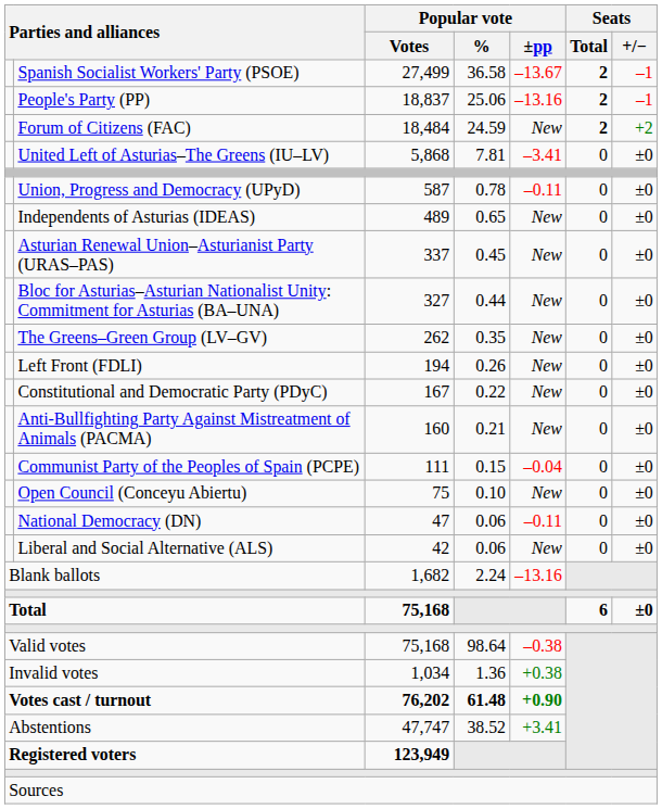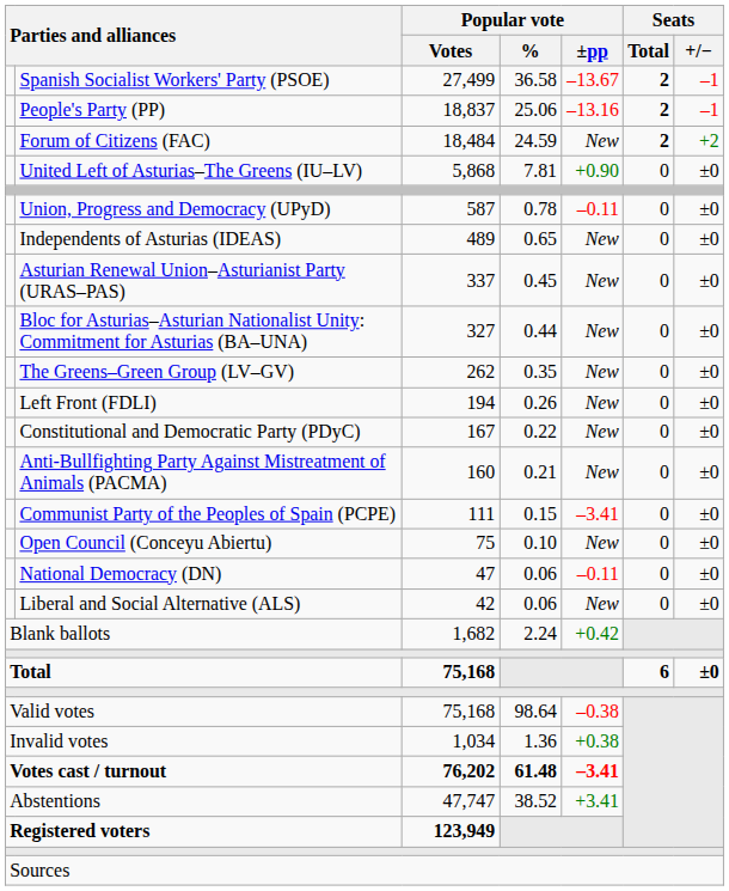 <table class="wikitable" style="text-align:right;">
 <tr>
 <th style="text-align:left;" rowspan="2" colspan="2" width="525">Parties and alliances</th>
 <th colspan="3">Popular vote</th>
 <th colspan="2">Seats</th>
 </tr>
 <tr>
 <th width="75">Votes</th>
 <th width="45">%</th>
 <th width="45">±<a href='#'>pp</a></th>
 <th width="35">Total</th>
 <th width="35">+/−</th>
 </tr>
 <tr>
 <td width="1" style="color:inherit;background:"></td>
 <td align="left"><a href='#'>Spanish Socialist Workers' Party</a> (PSOE)</td>
 <td>27,499</td>
 <td>36.58</td>
 <td style="color:red;">–13.67</td>
 <td><strong>2</strong></td>
 <td style="color:red;">–1</td>
 </tr>
 <tr>
 <td style="color:inherit;background:"></td>
 <td align="left"><a href='#'>People's Party</a> (PP)</td>
 <td>18,837</td>
 <td>25.06</td>
 <td style="color:red;">–13.16</td>
 <td><strong>2</strong></td>
 <td style="color:red;">–1</td>
 </tr>
 <tr>
 <td style="color:inherit;background:"></td>
 <td align="left"><a href='#'>Forum of Citizens</a> (FAC)</td>
 <td>18,484</td>
 <td>24.59</td>
 <td><em>New</em></td>
 <td><strong>2</strong></td>
 <td style="color:green;">+2</td>
 </tr>
 <tr>
 <td style="color:inherit;background:"></td>
 <td align="left"><a href='#'>United Left of Asturias</a>–<a href='#'>The Greens</a> (IU–LV)</td>
 <td>5,868</td>
 <td>7.81</td>
-<td style="color:red;">–3.41</td>
+<td style="color:green;">+0.90</td>
 <td>0</td>
 <td>±0</td>
 </tr>
 <tr>
 <td colspan="7" bgcolor="#C0C0C0"></td>
 </tr>
 <tr>
 <td style="color:inherit;background:"></td>
 <td align="left"><a href='#'>Union, Progress and Democracy</a> (UPyD)</td>
 <td>587</td>
 <td>0.78</td>
 <td style="color:red;">–0.11</td>
 <td>0</td>
 <td>±0</td>
 </tr>
 <tr>
 <td style="color:inherit;background:"></td>
 <td align="left">Independents of Asturias (IDEAS)</td>
 <td>489</td>
 <td>0.65</td>
 <td><em>New</em></td>
 <td>0</td>
 <td>±0</td>
 </tr>
 <tr>
 <td style="color:inherit;background:"></td>
 <td align="left"><a href='#'>Asturian Renewal Union</a>–<a href='#'>Asturianist Party</a> (URAS–PAS)</td>
 <td>337</td>
 <td>0.45</td>
 <td><em>New</em></td>
 <td>0</td>
 <td>±0</td>
 </tr>
 <tr>
 <td style="color:inherit;background:"></td>
 <td align="left"><a href='#'>Bloc for Asturias</a>–<a href='#'>Asturian Nationalist Unity</a>: <a href='#'>Commitment for Asturias</a> (BA–UNA)</td>
 <td>327</td>
 <td>0.44</td>
 <td><em>New</em></td>
 <td>0</td>
 <td>±0</td>
 </tr>
 <tr>
 <td style="color:inherit;background:"></td>
 <td align="left"><a href='#'>The Greens–Green Group</a> (LV–GV)</td>
 <td>262</td>
 <td>0.35</td>
 <td><em>New</em></td>
 <td>0</td>
 <td>±0</td>
 </tr>
 <tr>
 <td style="color:inherit;background:"></td>
 <td align="left">Left Front (FDLI)</td>
 <td>194</td>
 <td>0.26</td>
 <td><em>New</em></td>
 <td>0</td>
 <td>±0</td>
 </tr>
 <tr>
 <td style="color:inherit;background:"></td>
 <td align="left">Constitutional and Democratic Party (PDyC)</td>
 <td>167</td>
 <td>0.22</td>
 <td><em>New</em></td>
 <td>0</td>
 <td>±0</td>
 </tr>
 <tr>
 <td style="color:inherit;background:"></td>
 <td align="left"><a href='#'>Anti-Bullfighting Party Against Mistreatment of Animals</a> (PACMA)</td>
 <td>160</td>
 <td>0.21</td>
 <td><em>New</em></td>
 <td>0</td>
 <td>±0</td>
 </tr>
 <tr>
 <td style="color:inherit;background:"></td>
 <td align="left"><a href='#'>Communist Party of the Peoples of Spain</a> (PCPE)</td>
 <td>111</td>
 <td>0.15</td>
-<td style="color:red;">–0.04</td>
+<td style="color:red;">–3.41</td>
 <td>0</td>
 <td>±0</td>
 </tr>
 <tr>
 <td style="color:inherit;background:"></td>
 <td align="left"><a href='#'>Open Council</a> (Conceyu Abiertu)</td>
 <td>75</td>
 <td>0.10</td>
 <td><em>New</em></td>
 <td>0</td>
 <td>±0</td>
 </tr>
 <tr>
 <td style="color:inherit;background:"></td>
 <td align="left"><a href='#'>National Democracy</a> (DN)</td>
 <td>47</td>
 <td>0.06</td>
 <td style="color:red;">–0.11</td>
 <td>0</td>
 <td>±0</td>
 </tr>
 <tr>
 <td style="color:inherit;background:"></td>
 <td align="left">Liberal and Social Alternative (ALS)</td>
 <td>42</td>
 <td>0.06</td>
 <td><em>New</em></td>
 <td>0</td>
 <td>±0</td>
 </tr>
 <tr>
 <td align="left" colspan="2">Blank ballots</td>
 <td>1,682</td>
 <td>2.24</td>
-<td style="color:red;">–13.16</td>
+<td style="color:green;">+0.42</td>
 <td bgcolor="#E9E9E9" colspan="2"></td>
 </tr>
 <tr>
 <td colspan="7" bgcolor="#E9E9E9"></td>
 </tr>
 <tr style="font-weight:bold;">
 <td align="left" colspan="2">Total</td>
 <td>75,168</td>
 <td bgcolor="#E9E9E9" colspan="2"></td>
 <td>6</td>
 <td>±0</td>
 </tr>
 <tr>
 <td colspan="7" bgcolor="#E9E9E9"></td>
 </tr>
 <tr>
 <td align="left" colspan="2">Valid votes</td>
 <td>75,168</td>
 <td>98.64</td>
 <td style="color:red;">–0.38</td>
 <td bgcolor="#E9E9E9" colspan="2" rowspan="5"></td>
 </tr>
 <tr>
 <td align="left" colspan="2">Invalid votes</td>
 <td>1,034</td>
 <td>1.36</td>
 <td style="color:green;">+0.38</td>
 </tr>
 <tr style="font-weight:bold;">
 <td align="left" colspan="2">Votes cast / turnout</td>
 <td>76,202</td>
 <td>61.48</td>
-<td style="color:green;">+0.90</td>
+<td style="color:red;">–3.41</td>
 </tr>
 <tr>
 <td align="left" colspan="2">Abstentions</td>
 <td>47,747</td>
 <td>38.52</td>
 <td style="color:green;">+3.41</td>
 </tr>
 <tr style="font-weight:bold;">
 <td align="left" colspan="2">Registered voters</td>
 <td>123,949</td>
 <td bgcolor="#E9E9E9" colspan="2"></td>
 </tr>
 <tr>
 <td colspan="7" bgcolor="#E9E9E9"></td>
 </tr>
 <tr>
 <td align="left" colspan="7">Sources</td>
 </tr>
 </table>
